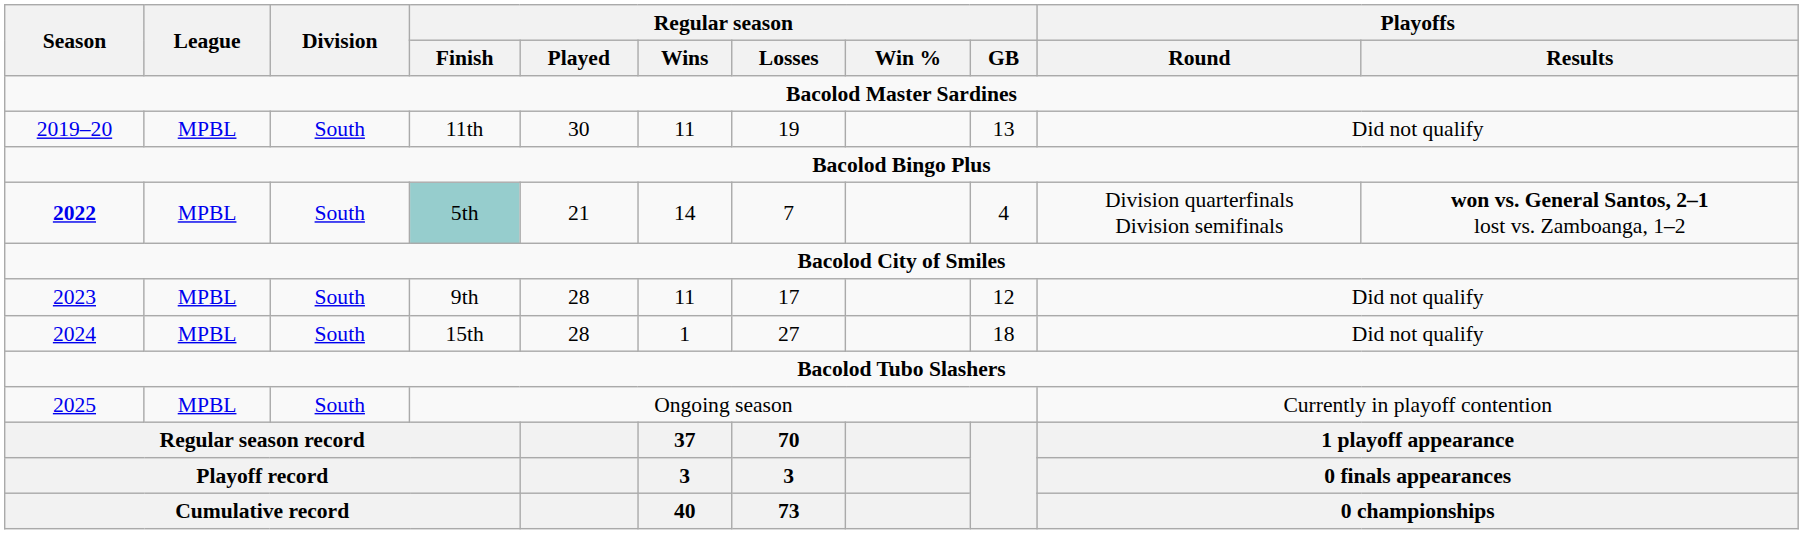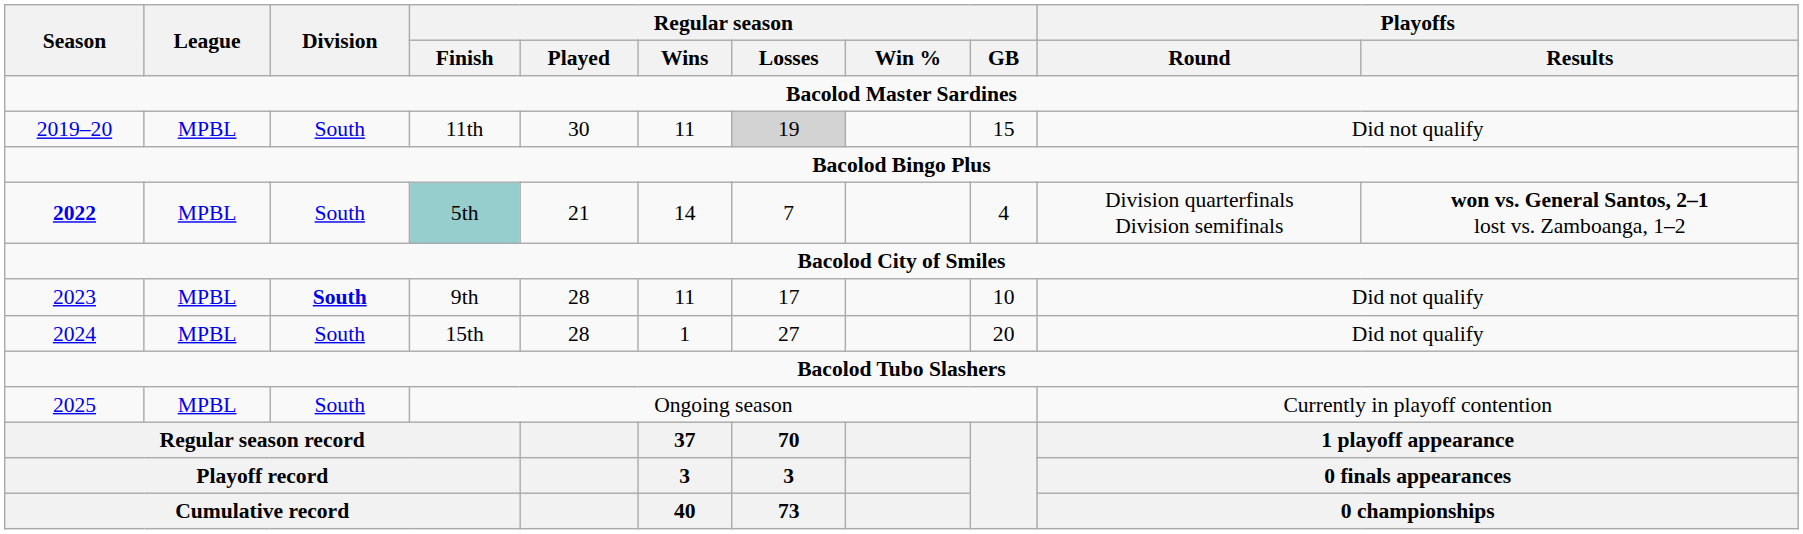 <table class="wikitable" style="width:100%; text-align:center; font-size:95%">
 <tr>
 <th rowspan=2>Season</th>
 <th rowspan=2>League</th>
 <th rowspan=2>Division</th>
 <th colspan=6>Regular season</th>
 <th colspan=2>Playoffs</th>
 </tr>
 <tr>
 <th>Finish</th>
 <th>Played</th>
 <th>Wins</th>
 <th>Losses</th>
 <th>Win %</th>
 <th>GB</th>
 <th>Round</th>
 <th>Results</th>
 </tr>
 <tr>
 <td align="center" colspan="11"><strong>Bacolod Master Sardines</strong></td>
 </tr>
 <tr>
 <td><a href='#'>2019–20</a></td>
 <td><a href='#'>MPBL</a></td>
 <td><a href='#'>South</a></td>
 <td>11th</td>
 <td>30</td>
 <td>11</td>
-<td>19</td>
+<td style="background: lightgrey;">19</td>
 <td></td>
-<td>13</td>
+<td>15</td>
 <td colspan=2>Did not qualify</td>
 </tr>
 <tr>
 <td align="center" colspan="11"><strong>Bacolod Bingo Plus</strong></td>
 </tr>
 <tr>
 <td><strong><a href='#'>2022</a></strong></td>
 <td><a href='#'>MPBL</a></td>
 <td><a href='#'>South</a></td>
 <td bgcolor="#96CDCD">5th</td>
 <td>21</td>
 <td>14</td>
 <td>7</td>
 <td></td>
 <td>4</td>
 <td>Division quarterfinals <br> Division semifinals</td>
 <td><strong>won vs. General Santos, 2–1</strong> <br> lost vs. Zamboanga, 1–2</td>
 </tr>
 <tr>
 <td align="center" colspan="11"><strong>Bacolod City of Smiles</strong></td>
 </tr>
 <tr>
 <td><a href='#'>2023</a></td>
 <td><a href='#'>MPBL</a></td>
-<td><a href='#'>South</a></td>
+<td><strong><a href='#'>South</a></strong></td>
 <td>9th</td>
 <td>28</td>
 <td>11</td>
 <td>17</td>
 <td></td>
-<td>12</td>
+<td>10</td>
 <td colspan=2>Did not qualify</td>
 </tr>
 <tr>
 <td><a href='#'>2024</a></td>
 <td><a href='#'>MPBL</a></td>
 <td><a href='#'>South</a></td>
 <td>15th</td>
 <td>28</td>
 <td>1</td>
 <td>27</td>
 <td></td>
-<td>18</td>
+<td>20</td>
 <td colspan=2>Did not qualify</td>
 </tr>
 <tr>
 <td align="center" colspan="11"><strong>Bacolod Tubo Slashers</strong></td>
 </tr>
 <tr>
 <td><a href='#'>2025</a></td>
 <td><a href='#'>MPBL</a></td>
 <td><a href='#'>South</a></td>
 <td colspan=6>Ongoing season</td>
 <td colspan=2>Currently in playoff contention</td>
 </tr>
 <tr>
 <th colspan=4>Regular season record</th>
 <th></th>
 <th>37</th>
 <th>70</th>
 <th></th>
 <th rowspan=3></th>
 <th colspan=2>1 playoff appearance</th>
 </tr>
 <tr>
 <th colspan=4>Playoff record</th>
 <th></th>
 <th>3</th>
 <th>3</th>
 <th></th>
 <th colspan=2>0 finals appearances</th>
 </tr>
 <tr>
 <th colspan=4>Cumulative record</th>
 <th></th>
 <th>40</th>
 <th>73</th>
 <th></th>
 <th colspan=2>0 championships</th>
 </tr>
 </table>
